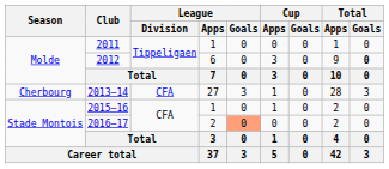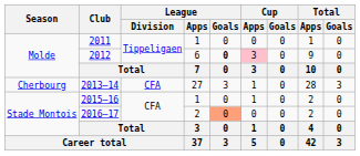 <table class="wikitable" style="text-align:center">
 <tr>
 <th rowspan="2">Season</th>
 <th rowspan="2">Club</th>
 <th colspan="3">League</th>
 <th colspan="2">Cup</th>
 <th colspan="2">Total</th>
 </tr>
 <tr>
 <th>Division</th>
 <th>Apps</th>
 <th>Goals</th>
 <th>Apps</th>
 <th>Goals</th>
 <th>Apps</th>
 <th>Goals</th>
 </tr>
 <tr>
 <td rowspan="3"><a href='#'>Molde</a></td>
 <td><a href='#'>2011</a></td>
 <td rowspan="2"><a href='#'>Tippeligaen</a></td>
 <td>1</td>
 <td>0</td>
 <td>0</td>
 <td>0</td>
 <td>1</td>
 <td>0</td>
 </tr>
 <tr>
 <td><a href='#'>2012</a></td>
 <td>6</td>
-<td>0</td>
-<td>3</td>
+<td><strong>0</strong></td>
+<td style="background: pink;">3</td>
 <td>0</td>
 <td>9</td>
-<td><strong>0</strong></td>
+<td>0</td>
 </tr>
 <tr>
 <th colspan="2">Total</th>
 <th>7</th>
 <th>0</th>
 <th>3</th>
 <th>0</th>
 <th>10</th>
 <th>0</th>
 </tr>
 <tr>
 <td><a href='#'>Cherbourg</a></td>
 <td><a href='#'>2013–14</a></td>
 <td><a href='#'>CFA</a></td>
 <td>27</td>
 <td>3</td>
 <td>1</td>
 <td>0</td>
 <td>28</td>
 <td>3</td>
 </tr>
 <tr>
 <td rowspan="3"><a href='#'>Stade Montois</a></td>
 <td><a href='#'>2015–16</a></td>
 <td rowspan="2">CFA</td>
 <td>1</td>
 <td>0</td>
 <td>1</td>
 <td>0</td>
 <td>2</td>
 <td>0</td>
 </tr>
 <tr>
 <td><a href='#'>2016–17</a></td>
 <td>2</td>
 <td style="background: lightsalmon;">0</td>
 <td>0</td>
 <td>0</td>
 <td>2</td>
 <td>0</td>
 </tr>
 <tr>
 <th colspan="2">Total</th>
 <th>3</th>
 <th>0</th>
 <th>1</th>
 <th>0</th>
 <th>4</th>
 <th>0</th>
 </tr>
 <tr>
 <th colspan="3">Career total</th>
 <th>37</th>
 <th>3</th>
 <th>5</th>
 <th>0</th>
 <th>42</th>
 <th>3</th>
 </tr>
 </table>
